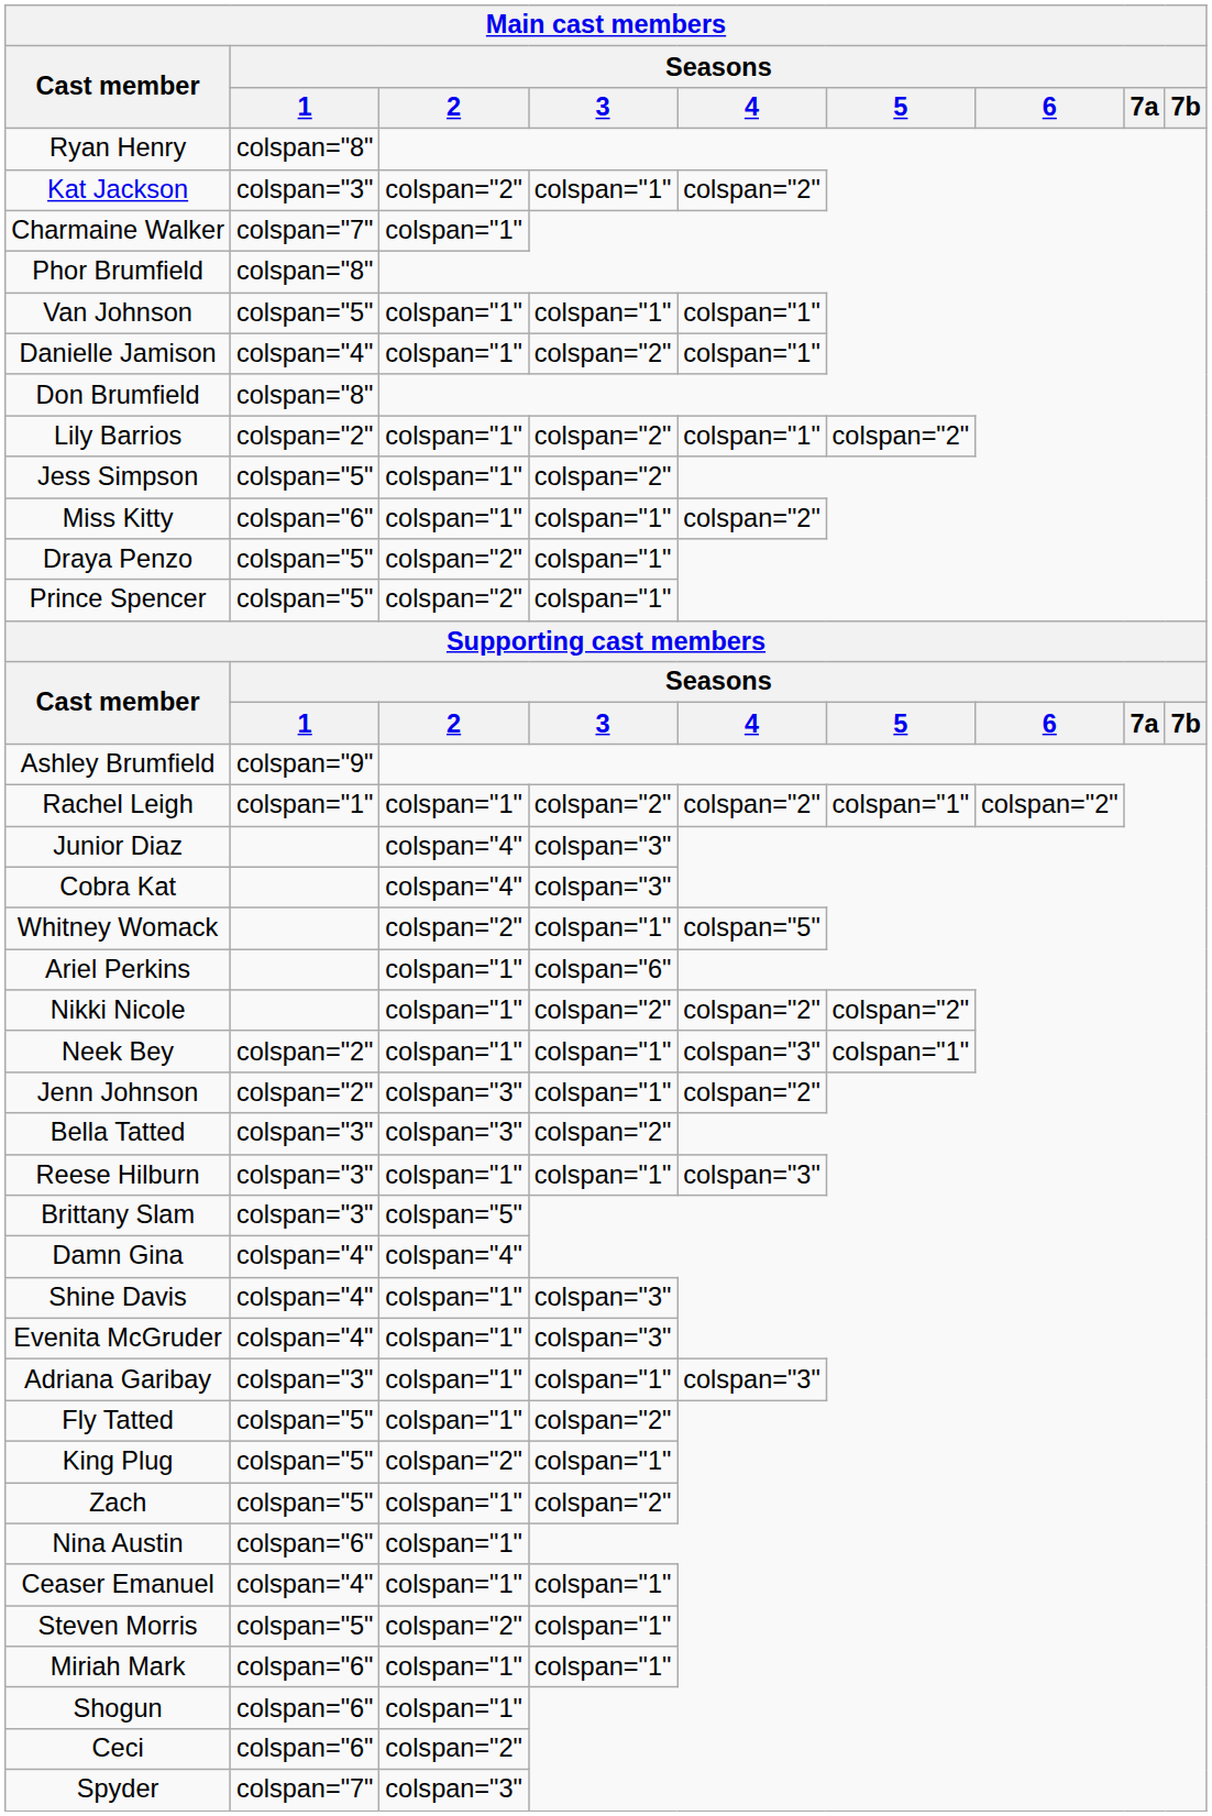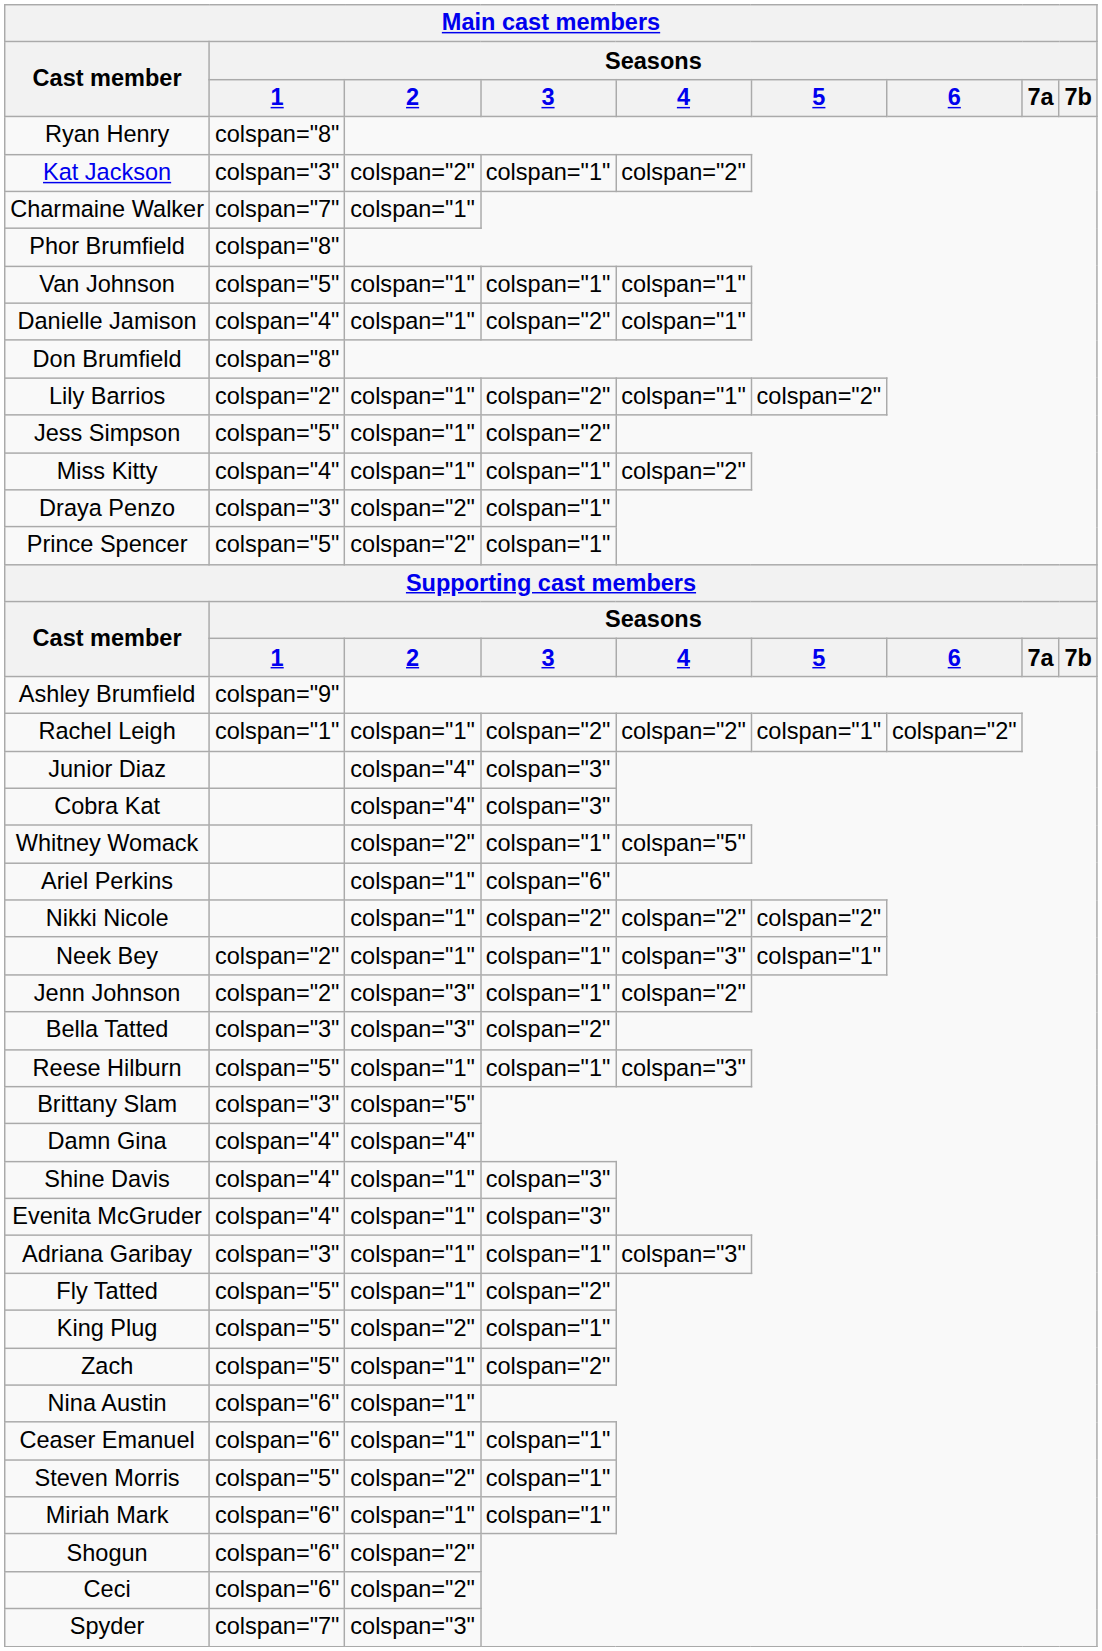 <table class="wikitable plainrowheaders" style="text-align:center;">
 <tr>
 <th colspan=9><a href='#'>Main cast members</a></th>
 </tr>
 <tr>
 <th rowspan="2" scope="col">Cast member</th>
 <th scope="col" colspan="8">Seasons</th>
 </tr>
 <tr>
 <th scope="col"><a href='#'>1</a></th>
 <th scope="col"><a href='#'>2</a></th>
 <th scope="col"><a href='#'>3</a></th>
 <th scope="col"><a href='#'>4</a></th>
 <th scope="col"><a href='#'>5</a></th>
 <th scope="col"><a href='#'>6</a></th>
 <th scope="col">7a</th>
 <th scope="col">7b</th>
 </tr>
 <tr>
 <td scope="row">Ryan Henry</td>
 <td>colspan="8" </td>
 </tr>
 <tr>
 <td scope="row"><a href='#'>Kat Jackson</a></td>
 <td>colspan="3" </td>
 <td>colspan="2" </td>
 <td>colspan="1" </td>
 <td>colspan="2" </td>
 </tr>
 <tr>
 <td scope="row">Charmaine Walker</td>
 <td>colspan="7" </td>
 <td>colspan="1" </td>
 </tr>
 <tr>
 <td scope="row">Phor Brumfield</td>
 <td>colspan="8" </td>
 </tr>
 <tr>
 <td scope="row">Van Johnson</td>
 <td>colspan="5" </td>
 <td>colspan="1" </td>
 <td>colspan="1" </td>
 <td>colspan="1" </td>
 </tr>
 <tr>
 <td scope="row">Danielle Jamison</td>
 <td>colspan="4" </td>
 <td>colspan="1" </td>
 <td>colspan="2" </td>
 <td>colspan="1" </td>
 </tr>
 <tr>
 <td scope="row">Don Brumfield</td>
 <td>colspan="8" </td>
 </tr>
 <tr>
 <td scope="row">Lily Barrios</td>
 <td>colspan="2" </td>
 <td>colspan="1" </td>
 <td>colspan="2" </td>
 <td>colspan="1" </td>
 <td>colspan="2" </td>
 </tr>
 <tr>
 <td scope="row">Jess Simpson</td>
 <td>colspan="5" </td>
 <td>colspan="1" </td>
 <td>colspan="2" </td>
 </tr>
 <tr>
 <td scope="row">Miss Kitty</td>
-<td>colspan="6" </td>
+<td>colspan="4" </td>
 <td>colspan="1" </td>
 <td>colspan="1" </td>
 <td>colspan="2" </td>
 </tr>
 <tr>
 <td scope="row">Draya Penzo</td>
-<td>colspan="5" </td>
+<td>colspan="3" </td>
 <td>colspan="2" </td>
 <td>colspan="1" </td>
 </tr>
 <tr>
 <td scope="row">Prince Spencer</td>
 <td>colspan="5" </td>
 <td>colspan="2" </td>
 <td>colspan="1" </td>
 </tr>
 <tr>
 <th colspan=9><a href='#'>Supporting cast members</a></th>
 </tr>
 <tr>
 <th rowspan="2" scope="col">Cast member</th>
 <th scope="col" colspan="8">Seasons</th>
 </tr>
 <tr>
 <th scope="col"><a href='#'>1</a></th>
 <th scope="col"><a href='#'>2</a></th>
 <th scope="col"><a href='#'>3</a></th>
 <th scope="col"><a href='#'>4</a></th>
 <th scope="col"><a href='#'>5</a></th>
 <th scope="col"><a href='#'>6</a></th>
 <th scope="col">7a</th>
 <th scope="col">7b<br></th>
 </tr>
 <tr>
 <td scope="row">Ashley Brumfield</td>
 <td>colspan="9" </td>
 </tr>
 <tr>
 <td scope="row">Rachel Leigh</td>
 <td>colspan="1" </td>
 <td>colspan="1" </td>
 <td>colspan="2" </td>
 <td>colspan="2" </td>
 <td>colspan="1" </td>
 <td>colspan="2" </td>
 </tr>
 <tr>
 <td scope="row">Junior Diaz</td>
 <td></td>
 <td>colspan="4" </td>
 <td>colspan="3" </td>
 </tr>
 <tr>
 <td scope="row">Cobra Kat</td>
 <td></td>
 <td>colspan="4" </td>
 <td>colspan="3" </td>
 </tr>
 <tr>
 <td scope="row">Whitney Womack</td>
 <td></td>
 <td>colspan="2" </td>
 <td>colspan="1" </td>
 <td>colspan="5" </td>
 </tr>
 <tr>
 <td scope="row">Ariel Perkins</td>
 <td></td>
 <td>colspan="1" </td>
 <td>colspan="6" </td>
 </tr>
 <tr>
 <td scope="row">Nikki Nicole</td>
 <td></td>
 <td>colspan="1" </td>
 <td>colspan="2" </td>
 <td>colspan="2" </td>
 <td>colspan="2" </td>
 </tr>
 <tr>
 <td scope="row">Neek Bey</td>
 <td>colspan="2" </td>
 <td>colspan="1" </td>
 <td>colspan="1" </td>
 <td>colspan="3" </td>
 <td>colspan="1" </td>
 </tr>
 <tr>
 <td scope="row">Jenn Johnson</td>
 <td>colspan="2" </td>
 <td>colspan="3" </td>
 <td>colspan="1" </td>
 <td>colspan="2" </td>
 </tr>
 <tr>
 <td scope="row">Bella Tatted</td>
 <td>colspan="3" </td>
 <td>colspan="3" </td>
 <td>colspan="2" </td>
 </tr>
 <tr>
 <td scope="row">Reese Hilburn</td>
-<td>colspan="3" </td>
+<td>colspan="5" </td>
 <td>colspan="1" </td>
 <td>colspan="1" </td>
 <td>colspan="3" </td>
 </tr>
 <tr>
 <td scope="row">Brittany Slam</td>
 <td>colspan="3" </td>
 <td>colspan="5" </td>
 </tr>
 <tr>
 <td scope="row">Damn Gina</td>
 <td>colspan="4" </td>
 <td>colspan="4" </td>
 </tr>
 <tr>
 <td scope="row">Shine Davis</td>
 <td>colspan="4" </td>
 <td>colspan="1" </td>
 <td>colspan="3" </td>
 </tr>
 <tr>
 <td scope="row">Evenita McGruder</td>
 <td>colspan="4" </td>
 <td>colspan="1" </td>
 <td>colspan="3" </td>
 </tr>
 <tr>
 <td scope="row">Adriana Garibay</td>
 <td>colspan="3" </td>
 <td>colspan="1" </td>
 <td>colspan="1" </td>
 <td>colspan="3" </td>
 </tr>
 <tr>
 <td scope="row">Fly Tatted</td>
 <td>colspan="5" </td>
 <td>colspan="1" </td>
 <td>colspan="2" </td>
 </tr>
 <tr>
 <td scope="row">King Plug</td>
 <td>colspan="5" </td>
 <td>colspan="2" </td>
 <td>colspan="1" </td>
 </tr>
 <tr>
 <td scope="row">Zach</td>
 <td>colspan="5" </td>
 <td>colspan="1" </td>
 <td>colspan="2" </td>
 </tr>
 <tr>
 <td scope="row">Nina Austin</td>
 <td>colspan="6" </td>
 <td>colspan="1" </td>
 </tr>
 <tr>
 <td scope="row">Ceaser Emanuel</td>
-<td>colspan="4" </td>
+<td>colspan="6" </td>
 <td>colspan="1" </td>
 <td>colspan="1" </td>
 </tr>
 <tr>
 <td scope="row">Steven Morris</td>
 <td>colspan="5" </td>
 <td>colspan="2" </td>
 <td>colspan="1" </td>
 </tr>
 <tr>
 <td scope="row">Miriah Mark</td>
 <td>colspan="6" </td>
 <td>colspan="1" </td>
 <td>colspan="1" </td>
 </tr>
 <tr>
 <td scope="row">Shogun</td>
 <td>colspan="6" </td>
-<td>colspan="1" </td>
+<td>colspan="2" </td>
 </tr>
 <tr>
 <td scope="row">Ceci</td>
 <td>colspan="6" </td>
 <td>colspan="2" </td>
 </tr>
 <tr>
 <td scope="row">Spyder</td>
 <td>colspan="7" </td>
 <td>colspan="3" </td>
 </tr>
 </table>
